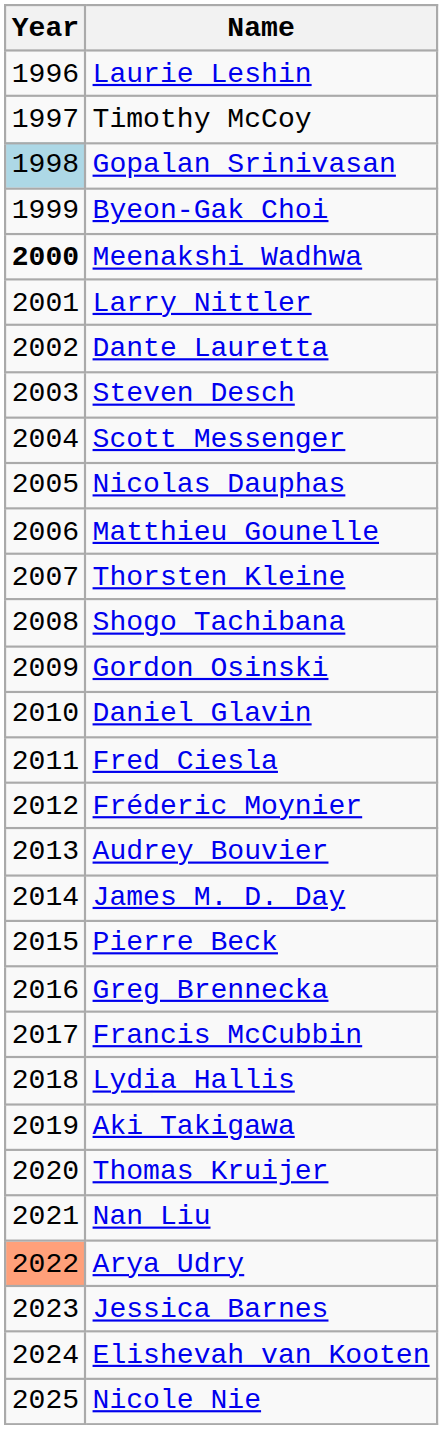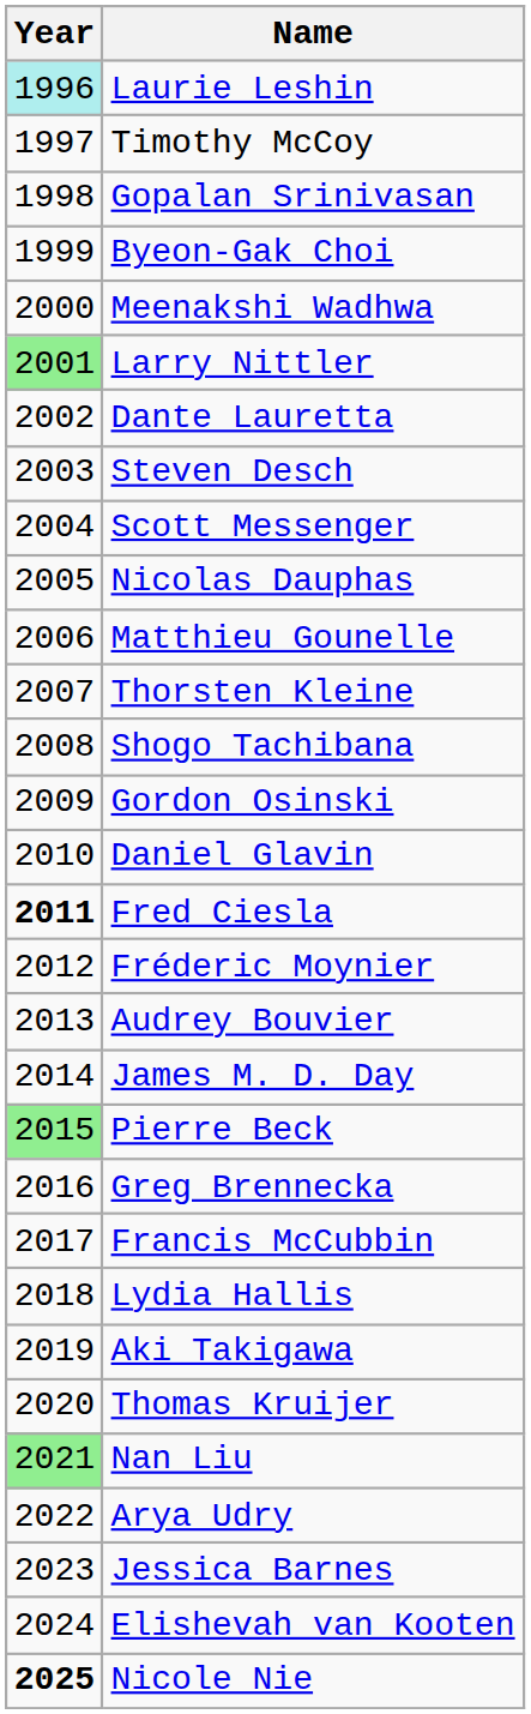 <table class="wikitable" align=center>
 <tr>
 <th>Year</th>
 <th>Name</th>
 </tr>
 <tr>
-<td>1996</td>
+<td style="background: paleturquoise;">1996</td>
 <td><a href='#'>Laurie Leshin</a></td>
 </tr>
 <tr>
 <td>1997</td>
 <td>Timothy McCoy</td>
 </tr>
 <tr>
-<td style="background: lightblue;">1998</td>
+<td>1998</td>
 <td><a href='#'>Gopalan Srinivasan</a></td>
 </tr>
 <tr>
 <td>1999</td>
 <td><a href='#'>Byeon-Gak Choi</a></td>
 </tr>
 <tr>
-<td><strong>2000</strong></td>
+<td>2000</td>
 <td><a href='#'>Meenakshi Wadhwa</a></td>
 </tr>
 <tr>
-<td>2001</td>
+<td style="background: lightgreen;">2001</td>
 <td><a href='#'>Larry Nittler</a></td>
 </tr>
 <tr>
 <td>2002</td>
 <td><a href='#'>Dante Lauretta</a></td>
 </tr>
 <tr>
 <td>2003</td>
 <td><a href='#'>Steven Desch</a></td>
 </tr>
 <tr>
 <td>2004</td>
 <td><a href='#'>Scott Messenger</a></td>
 </tr>
 <tr>
 <td>2005</td>
 <td><a href='#'>Nicolas Dauphas</a></td>
 </tr>
 <tr>
 <td>2006</td>
 <td><a href='#'>Matthieu Gounelle</a></td>
 </tr>
 <tr>
 <td>2007</td>
 <td><a href='#'>Thorsten Kleine</a></td>
 </tr>
 <tr>
 <td>2008</td>
 <td><a href='#'>Shogo Tachibana</a></td>
 </tr>
 <tr>
 <td>2009</td>
 <td><a href='#'>Gordon Osinski</a></td>
 </tr>
 <tr>
 <td>2010</td>
 <td><a href='#'>Daniel Glavin</a></td>
 </tr>
 <tr>
-<td>2011</td>
+<td><strong>2011</strong></td>
 <td><a href='#'>Fred Ciesla</a></td>
 </tr>
 <tr>
 <td>2012</td>
 <td><a href='#'>Fréderic Moynier</a></td>
 </tr>
 <tr>
 <td>2013</td>
 <td><a href='#'>Audrey Bouvier</a></td>
 </tr>
 <tr>
 <td>2014</td>
 <td><a href='#'>James M. D. Day</a></td>
 </tr>
 <tr>
-<td>2015</td>
+<td style="background: lightgreen;">2015</td>
 <td><a href='#'>Pierre Beck</a></td>
 </tr>
 <tr>
 <td>2016</td>
 <td><a href='#'>Greg Brennecka</a></td>
 </tr>
 <tr>
 <td>2017</td>
 <td><a href='#'>Francis McCubbin</a></td>
 </tr>
 <tr>
 <td>2018</td>
 <td><a href='#'>Lydia Hallis</a></td>
 </tr>
 <tr>
 <td>2019</td>
 <td><a href='#'>Aki Takigawa</a></td>
 </tr>
 <tr>
 <td>2020</td>
 <td><a href='#'>Thomas Kruijer</a></td>
 </tr>
 <tr>
-<td>2021</td>
+<td style="background: lightgreen;">2021</td>
 <td><a href='#'>Nan Liu</a></td>
 </tr>
 <tr>
-<td style="background: lightsalmon;">2022</td>
+<td>2022</td>
 <td><a href='#'>Arya Udry</a></td>
 </tr>
 <tr>
 <td>2023</td>
 <td><a href='#'>Jessica Barnes</a></td>
 </tr>
 <tr>
 <td>2024</td>
 <td><a href='#'>Elishevah van Kooten</a></td>
 </tr>
 <tr>
-<td>2025</td>
+<td><strong>2025</strong></td>
 <td><a href='#'>Nicole Nie</a></td>
 </tr>
 </table>
